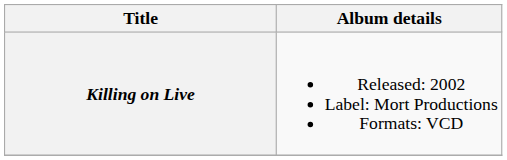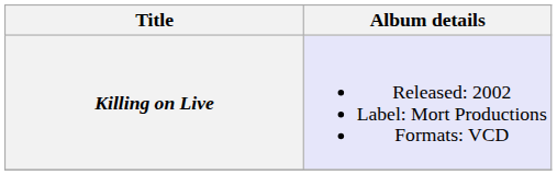 <table class="wikitable plainrowheaders" style="text-align:center;">
 <tr>
 <th scope="col" style="width:15em;">Title</th>
 <th scope="col">Album details</th>
 </tr>
 <tr>
 <th scope="row"><em>Killing on Live</em></th>
-<td><br><ul><li>Released: 2002</li><li>Label: Mort Productions</li><li>Formats: VCD</li></ul></td>
+<td style="background: lavender;"><br><ul><li>Released: 2002</li><li>Label: Mort Productions</li><li>Formats: VCD</li></ul></td>
 </tr>
 <tr>
 </tr>
 </table>
